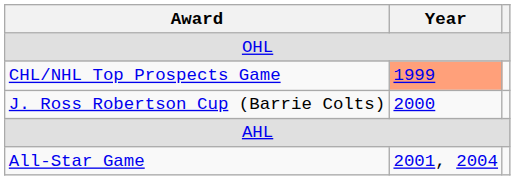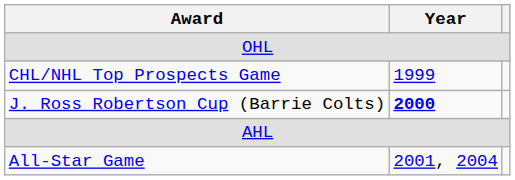 <table class="wikitable">
 <tr>
 <th>Award</th>
 <th>Year</th>
 <th></th>
 </tr>
 <tr ALIGN="center" bgcolor="#e0e0e0">
 <td colspan="3"><a href='#'>OHL</a></td>
 </tr>
 <tr>
 <td><a href='#'>CHL/NHL Top Prospects Game</a></td>
-<td style="background: lightsalmon;"><a href='#'>1999</a></td>
+<td><a href='#'>1999</a></td>
 <td></td>
 </tr>
 <tr>
 <td><a href='#'>J. Ross Robertson Cup</a> (Barrie Colts)</td>
-<td><a href='#'>2000</a></td>
+<td><strong><a href='#'>2000</a></strong></td>
 <td></td>
 </tr>
 <tr ALIGN="center" bgcolor="#e0e0e0">
 <td colspan="3"><a href='#'>AHL</a></td>
 </tr>
 <tr>
 <td><a href='#'>All-Star Game</a></td>
 <td><a href='#'>2001</a>, <a href='#'>2004</a></td>
 <td></td>
 </tr>
 </table>
